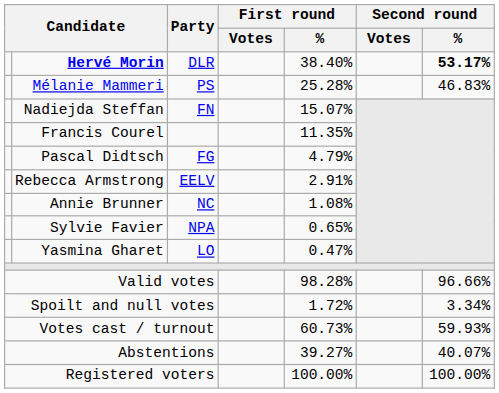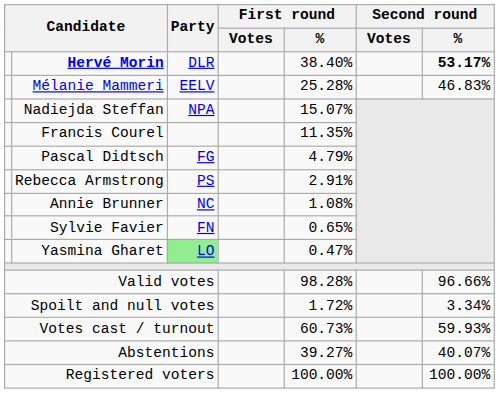 <table class="wikitable" style="text-align:right;font-size:95%;">
 <tr>
 <th rowspan=2 colspan=2>Candidate</th>
 <th rowspan=2 colspan=1>Party</th>
 <th colspan=2>First round</th>
 <th colspan=2>Second round</th>
 </tr>
 <tr>
 <th style="width:50px;">Votes</th>
 <th style="width:55px;">%</th>
 <th style="width:50px;">Votes</th>
 <th style="width:55px;">%</th>
 </tr>
 <tr>
 <td style="color:inherit;background-color:"></td>
 <td><strong><a href='#'>Hervé Morin</a></strong></td>
 <td><a href='#'>DLR</a></td>
 <td></td>
 <td>38.40%</td>
 <td><strong></strong></td>
 <td><strong>53.17%</strong></td>
 </tr>
 <tr>
 <td style="color:inherit;background-color:"></td>
 <td><a href='#'>Mélanie Mammeri</a></td>
-<td><a href='#'>PS</a></td>
+<td><a href='#'>EELV</a></td>
 <td></td>
 <td>25.28%</td>
 <td></td>
 <td>46.83%</td>
 </tr>
 <tr>
 <td style="color:inherit;background-color:"></td>
 <td>Nadiejda Steffan</td>
-<td><a href='#'>FN</a></td>
+<td><a href='#'>NPA</a></td>
 <td></td>
 <td>15.07%</td>
 <td colspan=7 rowspan=7 style="background-color:#E9E9E9;"></td>
 </tr>
 <tr>
 <td style="background-color:;"></td>
 <td>Francis Courel</td>
 <td></td>
 <td></td>
 <td>11.35%</td>
 </tr>
 <tr>
 <td style="color:inherit;background-color:"></td>
 <td>Pascal Didtsch</td>
 <td><a href='#'>FG</a></td>
 <td></td>
 <td>4.79%</td>
 </tr>
 <tr>
 <td style="color:inherit;background-color:"></td>
 <td>Rebecca Armstrong</td>
-<td><a href='#'>EELV</a></td>
+<td><a href='#'>PS</a></td>
 <td></td>
 <td>2.91%</td>
 </tr>
 <tr>
 <td style="color:inherit;background-color:"></td>
 <td>Annie Brunner</td>
 <td><a href='#'>NC</a></td>
 <td></td>
 <td>1.08%</td>
 </tr>
 <tr>
 <td style="color:inherit;background-color:"></td>
 <td>Sylvie Favier</td>
-<td><a href='#'>NPA</a></td>
+<td><a href='#'>FN</a></td>
 <td></td>
 <td>0.65%</td>
 </tr>
 <tr>
 <td style="color:inherit;background-color:"></td>
 <td>Yasmina Gharet</td>
-<td><a href='#'>LO</a></td>
+<td style="background: lightgreen;"><a href='#'>LO</a></td>
 <td></td>
 <td>0.47%</td>
 </tr>
 <tr>
 <td colspan=7 style="background-color:#E9E9E9;"></td>
 </tr>
 <tr>
 <td colspan=3>Valid votes</td>
 <td></td>
 <td>98.28%</td>
 <td></td>
 <td>96.66%</td>
 </tr>
 <tr>
 <td colspan=3>Spoilt and null votes</td>
 <td></td>
 <td>1.72%</td>
 <td></td>
 <td>3.34%</td>
 </tr>
 <tr>
 <td colspan=3>Votes cast / turnout</td>
 <td></td>
 <td>60.73%</td>
 <td></td>
 <td>59.93%</td>
 </tr>
 <tr>
 <td colspan=3>Abstentions</td>
 <td></td>
 <td>39.27%</td>
 <td></td>
 <td>40.07%</td>
 </tr>
 <tr>
 <td colspan=3>Registered voters</td>
 <td></td>
 <td>100.00%</td>
 <td></td>
 <td>100.00%</td>
 </tr>
 </table>
